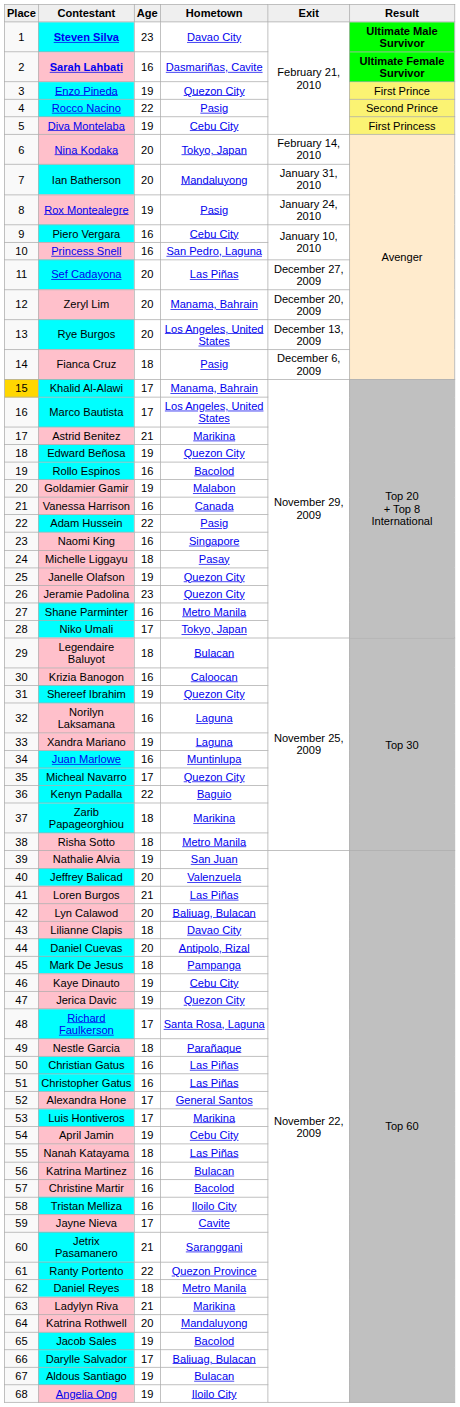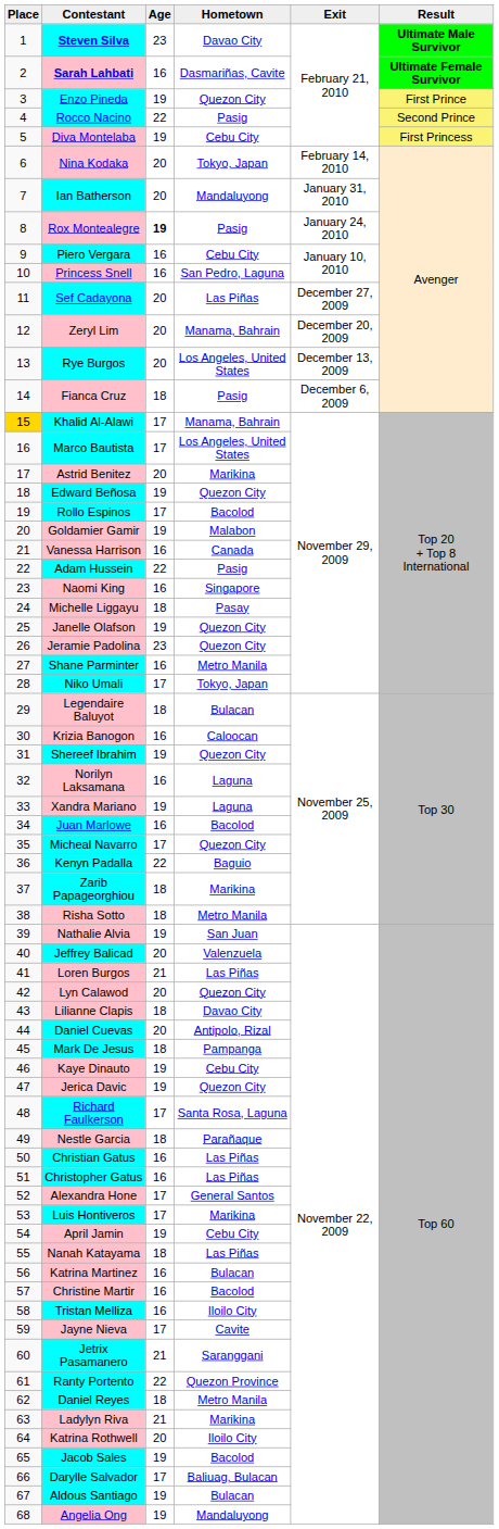 <table class="wikitable nowrap" style="text-align:center; font-size:95%;width:99%;">
 <tr>
 <th scope="col" style="background:#EFEFEF;">Place</th>
 <th scope="col" style="background:#EFEFEF;">Contestant</th>
 <th scope="col" style="background:#EFEFEF;">Age</th>
 <th scope="col" style="background:#EFEFEF;">Hometown</th>
 <th scope="col" style="background:#EFEFEF;">Exit</th>
 <th scope="col" style="background:#EFEFEF;">Result</th>
 </tr>
 <tr>
 <td>1</td>
 <td style="background:cyan;"><strong><a href='#'>Steven Silva</a></strong></td>
 <td style="background:#FFFFFF">23</td>
 <td style="background:#FFFFFF"><a href='#'>Davao City</a></td>
 <td style="background:#FFFFFF" rowspan=5>February 21, 2010</td>
 <td style="background:lime"><strong>Ultimate Male Survivor</strong></td>
 </tr>
 <tr>
 <td>2</td>
 <td style="background:pink;"><strong><a href='#'>Sarah Lahbati</a></strong></td>
 <td style="background:#FFFFFF">16</td>
 <td style="background:#FFFFFF"><a href='#'>Dasmariñas, Cavite</a></td>
 <td style="background:lime"><strong>Ultimate Female Survivor</strong></td>
 </tr>
 <tr>
 <td>3</td>
 <td style="background:cyan;"><a href='#'>Enzo Pineda</a></td>
 <td style="background:#FFFFFF">19</td>
 <td style="background:#FFFFFF"><a href='#'>Quezon City</a></td>
 <td style="background:#FBF373">First Prince</td>
 </tr>
 <tr>
 <td>4</td>
 <td style="background:cyan;"><a href='#'>Rocco Nacino</a></td>
 <td style="background:#FFFFFF">22</td>
 <td style="background:#FFFFFF"><a href='#'>Pasig</a></td>
 <td style="background:#FBF373">Second Prince</td>
 </tr>
 <tr>
 <td>5</td>
 <td style="background:pink;"><a href='#'>Diva Montelaba</a></td>
 <td style="background:#FFFFFF">19</td>
 <td style="background:#FFFFFF"><a href='#'>Cebu City</a></td>
 <td style="background:#FBF373">First Princess</td>
 </tr>
 <tr>
 <td>6</td>
 <td style="background:pink;"><a href='#'>Nina Kodaka</a></td>
 <td style="background:#FFFFFF">20</td>
 <td style="background:#FFFFFF"><a href='#'>Tokyo, Japan</a></td>
 <td style="background:#FFFFFF">February 14, 2010</td>
 <td style="background:#FFEBCD" rowspan=9>Avenger</td>
 </tr>
 <tr>
 <td>7</td>
 <td style="background:cyan;">Ian Batherson</td>
 <td style="background:#FFFFFF">20</td>
 <td style="background:#FFFFFF"><a href='#'>Mandaluyong</a></td>
 <td style="background:#FFFFFF">January 31, 2010</td>
 </tr>
 <tr>
 <td>8</td>
 <td style="background:pink;"><a href='#'>Rox Montealegre</a></td>
-<td style="background:#FFFFFF">19</td>
+<td style="background:#FFFFFF"><strong>19</strong></td>
 <td style="background:#FFFFFF"><a href='#'>Pasig</a></td>
 <td style="background:#FFFFFF">January 24, 2010</td>
 </tr>
 <tr>
 <td>9</td>
 <td style="background:cyan;">Piero Vergara</td>
 <td style="background:#FFFFFF">16</td>
 <td style="background:#FFFFFF"><a href='#'>Cebu City</a></td>
 <td style="background:#FFFFFF" rowspan=2>January 10, 2010</td>
 </tr>
 <tr>
 <td>10</td>
 <td style="background:pink;"><a href='#'>Princess Snell</a></td>
 <td style="background:#FFFFFF">16</td>
 <td style="background:#FFFFFF"><a href='#'>San Pedro, Laguna</a></td>
 </tr>
 <tr>
 <td>11</td>
 <td style="background:cyan;"><a href='#'>Sef Cadayona</a></td>
 <td style="background:#FFFFFF">20</td>
 <td style="background:#FFFFFF"><a href='#'>Las Piñas</a></td>
 <td style="background:#FFFFFF">December 27, 2009</td>
 </tr>
 <tr>
 <td>12</td>
 <td style="background:pink;">Zeryl Lim</td>
 <td style="background:#FFFFFF">20</td>
 <td style="background:#FFFFFF"><a href='#'>Manama, Bahrain</a></td>
 <td style="background:#FFFFFF">December 20, 2009</td>
 </tr>
 <tr>
 <td>13</td>
 <td style="background:cyan;">Rye Burgos</td>
 <td style="background:#FFFFFF">20</td>
 <td style="background:#FFFFFF"><a href='#'>Los Angeles, United States</a></td>
 <td style="background:#FFFFFF">December 13, 2009</td>
 </tr>
 <tr>
 <td>14</td>
 <td style="background:pink;">Fianca Cruz</td>
 <td style="background:#FFFFFF">18</td>
 <td style="background:#FFFFFF"><a href='#'>Pasig</a></td>
 <td style="background:#FFFFFF">December 6, 2009</td>
 </tr>
 <tr>
 <td style="background: gold;">15</td>
 <td style="background:cyan;">Khalid Al-Alawi</td>
 <td style="background:#FFFFFF">17</td>
 <td style="background:#FFFFFF"><a href='#'>Manama, Bahrain</a></td>
 <td style="background:#FFFFFF" rowspan=14>November 29, 2009</td>
 <td style="background:silver" rowspan=14>Top 20<br>+ Top 8 International</td>
 </tr>
 <tr>
 <td>16</td>
 <td style="background:cyan;">Marco Bautista</td>
 <td style="background:#FFFFFF">17</td>
 <td style="background:#FFFFFF"><a href='#'>Los Angeles, United States</a></td>
 </tr>
 <tr>
 <td>17</td>
 <td style="background:pink;">Astrid Benitez</td>
-<td style="background:#FFFFFF">21</td>
+<td style="background:#FFFFFF">20</td>
 <td style="background:#FFFFFF"><a href='#'>Marikina</a></td>
 </tr>
 <tr>
 <td>18</td>
 <td style="background:cyan;">Edward Beñosa</td>
 <td style="background:#FFFFFF">19</td>
 <td style="background:#FFFFFF"><a href='#'>Quezon City</a></td>
 </tr>
 <tr>
 <td>19</td>
 <td style="background:cyan;">Rollo Espinos</td>
-<td style="background:#FFFFFF">16</td>
+<td style="background:#FFFFFF">17</td>
 <td style="background:#FFFFFF"><a href='#'>Bacolod</a></td>
 </tr>
 <tr>
 <td>20</td>
 <td style="background:pink;">Goldamier Gamir</td>
 <td style="background:#FFFFFF">19</td>
 <td style="background:#FFFFFF"><a href='#'>Malabon</a></td>
 </tr>
 <tr>
 <td>21</td>
 <td style="background:pink;">Vanessa Harrison</td>
 <td style="background:#FFFFFF">16</td>
 <td style="background:#FFFFFF"><a href='#'>Canada</a></td>
 </tr>
 <tr>
 <td>22</td>
 <td style="background:cyan;">Adam  Hussein</td>
 <td style="background:#FFFFFF">22</td>
 <td style="background:#FFFFFF"><a href='#'>Pasig</a></td>
 </tr>
 <tr>
 <td>23</td>
 <td style="background:pink;">Naomi King</td>
 <td style="background:#FFFFFF">16</td>
 <td style="background:#FFFFFF"><a href='#'>Singapore</a></td>
 </tr>
 <tr>
 <td>24</td>
 <td style="background:pink;">Michelle Liggayu</td>
 <td style="background:#FFFFFF">18</td>
 <td style="background:#FFFFFF"><a href='#'>Pasay</a></td>
 </tr>
 <tr>
 <td>25</td>
 <td style="background:pink;">Janelle  Olafson</td>
 <td style="background:#FFFFFF">19</td>
 <td style="background:#FFFFFF"><a href='#'>Quezon City</a></td>
 </tr>
 <tr>
 <td>26</td>
 <td style="background:pink;">Jeramie Padolina</td>
 <td style="background:#FFFFFF">23</td>
 <td style="background:#FFFFFF"><a href='#'>Quezon City</a></td>
 </tr>
 <tr>
 <td>27</td>
 <td style="background:cyan;">Shane Parminter</td>
 <td style="background:#FFFFFF">16</td>
 <td style="background:#FFFFFF"><a href='#'>Metro Manila</a></td>
 </tr>
 <tr>
 <td>28</td>
 <td style="background:cyan;">Niko Umali</td>
 <td style="background:#FFFFFF">17</td>
 <td style="background:#FFFFFF"><a href='#'>Tokyo, Japan</a></td>
 </tr>
 <tr>
 <td>29</td>
 <td style="background:pink;">Legendaire Baluyot</td>
 <td style="background:#FFFFFF">18</td>
 <td style="background:#FFFFFF"><a href='#'>Bulacan</a></td>
 <td style="background:#FFFFFF" rowspan=10>November 25, 2009</td>
 <td style="background:silver" rowspan=10>Top 30</td>
 </tr>
 <tr>
 <td>30</td>
 <td style="background:pink;">Krizia  Banogon</td>
 <td style="background:#FFFFFF">16</td>
 <td style="background:#FFFFFF"><a href='#'>Caloocan</a></td>
 </tr>
 <tr>
 <td>31</td>
 <td style="background:cyan;">Shereef Ibrahim</td>
 <td style="background:#FFFFFF">19</td>
 <td style="background:#FFFFFF"><a href='#'>Quezon City</a></td>
 </tr>
 <tr>
 <td>32</td>
 <td style="background:pink;">Norilyn Laksamana</td>
 <td style="background:#FFFFFF">16</td>
 <td style="background:#FFFFFF"><a href='#'>Laguna</a></td>
 </tr>
 <tr>
 <td>33</td>
 <td style="background:pink;">Xandra Mariano</td>
 <td style="background:#FFFFFF">19</td>
 <td style="background:#FFFFFF"><a href='#'>Laguna</a></td>
 </tr>
 <tr>
 <td>34</td>
 <td style="background:cyan;"><a href='#'>Juan Marlowe</a></td>
 <td style="background:#FFFFFF">16</td>
-<td style="background:#FFFFFF"><a href='#'>Muntinlupa</a></td>
+<td style="background:#FFFFFF"><a href='#'>Bacolod</a></td>
 </tr>
 <tr>
 <td>35</td>
 <td style="background:cyan;">Micheal Navarro</td>
 <td style="background:#FFFFFF">17</td>
 <td style="background:#FFFFFF"><a href='#'>Quezon City</a></td>
 </tr>
 <tr>
 <td>36</td>
 <td style="background:cyan;">Kenyn Padalla</td>
 <td style="background:#FFFFFF">22</td>
 <td style="background:#FFFFFF"><a href='#'>Baguio</a></td>
 </tr>
 <tr>
 <td>37</td>
 <td style="background:cyan;">Zarib Papageorghiou</td>
 <td style="background:#FFFFFF">18</td>
 <td style="background:#FFFFFF"><a href='#'>Marikina</a></td>
 </tr>
 <tr>
 <td>38</td>
 <td style="background:pink;">Risha Sotto</td>
 <td style="background:#FFFFFF">18</td>
 <td style="background:#FFFFFF"><a href='#'>Metro Manila</a></td>
 </tr>
 <tr>
 <td>39</td>
 <td style="background:pink;">Nathalie Alvia</td>
 <td style="background:#FFFFFF">19</td>
 <td style="background:#FFFFFF"><a href='#'>San Juan</a></td>
 <td style="background:#FFFFFF" rowspan=30>November 22, 2009</td>
 <td style="background:silver" rowspan=30>Top 60</td>
 </tr>
 <tr>
 <td>40</td>
 <td style="background:cyan;">Jeffrey Balicad</td>
 <td style="background:#FFFFFF">20</td>
 <td style="background:#FFFFFF"><a href='#'>Valenzuela</a></td>
 </tr>
 <tr>
 <td>41</td>
 <td style="background:pink;">Loren Burgos</td>
 <td style="background:#FFFFFF">21</td>
 <td style="background:#FFFFFF"><a href='#'>Las Piñas</a></td>
 </tr>
 <tr>
 <td>42</td>
 <td style="background:pink;">Lyn  Calawod</td>
 <td style="background:#FFFFFF">20</td>
-<td style="background:#FFFFFF"><a href='#'>Baliuag, Bulacan</a></td>
+<td style="background:#FFFFFF"><a href='#'>Quezon City</a></td>
 </tr>
 <tr>
 <td>43</td>
 <td style="background:pink;">Lilianne Clapis</td>
 <td style="background:#FFFFFF">18</td>
 <td style="background:#FFFFFF"><a href='#'>Davao City</a></td>
 </tr>
 <tr>
 <td>44</td>
 <td style="background:cyan;">Daniel Cuevas</td>
 <td style="background:#FFFFFF">20</td>
 <td style="background:#FFFFFF"><a href='#'>Antipolo, Rizal</a></td>
 </tr>
 <tr>
 <td>45</td>
 <td style="background:cyan;">Mark De Jesus</td>
 <td style="background:#FFFFFF">18</td>
 <td style="background:#FFFFFF"><a href='#'>Pampanga</a></td>
 </tr>
 <tr>
 <td>46</td>
 <td style="background:pink;">Kaye Dinauto</td>
 <td style="background:#FFFFFF">19</td>
 <td style="background:#FFFFFF"><a href='#'>Cebu City</a></td>
 </tr>
 <tr>
 <td>47</td>
 <td style="background:pink;">Jerica Davic</td>
 <td style="background:#FFFFFF">19</td>
 <td style="background:#FFFFFF"><a href='#'>Quezon City</a></td>
 </tr>
 <tr>
 <td>48</td>
 <td style="background:cyan;"><a href='#'>Richard Faulkerson</a></td>
 <td style="background:#FFFFFF">17</td>
 <td style="background:#FFFFFF"><a href='#'>Santa Rosa, Laguna</a></td>
 </tr>
 <tr>
 <td>49</td>
 <td style="background:pink;">Nestle Garcia</td>
 <td style="background:#FFFFFF">18</td>
 <td style="background:#FFFFFF"><a href='#'>Parañaque</a></td>
 </tr>
 <tr>
 <td>50</td>
 <td style="background:cyan;">Christian Gatus</td>
 <td style="background:#FFFFFF">16</td>
 <td style="background:#FFFFFF"><a href='#'>Las Piñas</a></td>
 </tr>
 <tr>
 <td>51</td>
 <td style="background:cyan;">Christopher Gatus</td>
 <td style="background:#FFFFFF">16</td>
 <td style="background:#FFFFFF"><a href='#'>Las Piñas</a></td>
 </tr>
 <tr>
 <td>52</td>
 <td style="background:pink;">Alexandra Hone</td>
 <td style="background:#FFFFFF">17</td>
 <td style="background:#FFFFFF"><a href='#'>General Santos</a></td>
 </tr>
 <tr>
 <td>53</td>
 <td style="background:cyan;">Luis Hontiveros</td>
 <td style="background:#FFFFFF">17</td>
 <td style="background:#FFFFFF"><a href='#'>Marikina</a></td>
 </tr>
 <tr>
 <td>54</td>
 <td style="background:pink;">April Jamin</td>
 <td style="background:#FFFFFF">19</td>
 <td style="background:#FFFFFF"><a href='#'>Cebu City</a></td>
 </tr>
 <tr>
 <td>55</td>
 <td style="background:pink;">Nanah Katayama</td>
 <td style="background:#FFFFFF">18</td>
 <td style="background:#FFFFFF"><a href='#'>Las Piñas</a></td>
 </tr>
 <tr>
 <td>56</td>
 <td style="background:pink;">Katrina Martinez</td>
 <td style="background:#FFFFFF">16</td>
 <td style="background:#FFFFFF"><a href='#'>Bulacan</a></td>
 </tr>
 <tr>
 <td>57</td>
 <td style="background:pink;">Christine Martir</td>
 <td style="background:#FFFFFF">16</td>
 <td style="background:#FFFFFF"><a href='#'>Bacolod</a></td>
 </tr>
 <tr>
 <td>58</td>
 <td style="background:cyan;">Tristan Melliza</td>
 <td style="background:#FFFFFF">16</td>
 <td style="background:#FFFFFF"><a href='#'>Iloilo City</a></td>
 </tr>
 <tr>
 <td>59</td>
 <td style="background:pink;">Jayne  Nieva</td>
 <td style="background:#FFFFFF">17</td>
 <td style="background:#FFFFFF"><a href='#'>Cavite</a></td>
 </tr>
 <tr>
 <td>60</td>
 <td style="background:cyan;">Jetrix Pasamanero</td>
 <td style="background:#FFFFFF">21</td>
 <td style="background:#FFFFFF"><a href='#'>Saranggani</a></td>
 </tr>
 <tr>
 <td>61</td>
 <td style="background:cyan;">Ranty Portento</td>
 <td style="background:#FFFFFF">22</td>
 <td style="background:#FFFFFF"><a href='#'>Quezon Province</a></td>
 </tr>
 <tr>
 <td>62</td>
 <td style="background:cyan;">Daniel Reyes</td>
 <td style="background:#FFFFFF">18</td>
 <td style="background:#FFFFFF"><a href='#'>Metro Manila</a></td>
 </tr>
 <tr>
 <td>63</td>
 <td style="background:pink;">Ladylyn Riva</td>
 <td style="background:#FFFFFF">21</td>
 <td style="background:#FFFFFF"><a href='#'>Marikina</a></td>
 </tr>
 <tr>
 <td>64</td>
 <td style="background:pink;">Katrina Rothwell</td>
 <td style="background:#FFFFFF">20</td>
-<td style="background:#FFFFFF"><a href='#'>Mandaluyong</a></td>
+<td style="background:#FFFFFF"><a href='#'>Iloilo City</a></td>
 </tr>
 <tr>
 <td>65</td>
 <td style="background:cyan;">Jacob Sales</td>
 <td style="background:#FFFFFF">19</td>
 <td style="background:#FFFFFF"><a href='#'>Bacolod</a></td>
 </tr>
 <tr>
 <td>66</td>
 <td style="background:cyan;">Darylle Salvador</td>
 <td style="background:#FFFFFF">17</td>
 <td style="background:#FFFFFF"><a href='#'>Baliuag, Bulacan</a></td>
 </tr>
 <tr>
 <td>67</td>
 <td style="background:cyan;">Aldous Santiago</td>
 <td style="background:#FFFFFF">19</td>
 <td style="background:#FFFFFF"><a href='#'>Bulacan</a></td>
 </tr>
 <tr>
 <td>68</td>
 <td style="background:pink;"><a href='#'>Angelia Ong</a></td>
 <td style="background:#FFFFFF">19</td>
-<td style="background:#FFFFFF"><a href='#'>Iloilo City</a></td>
+<td style="background:#FFFFFF"><a href='#'>Mandaluyong</a></td>
 </tr>
 </table>
